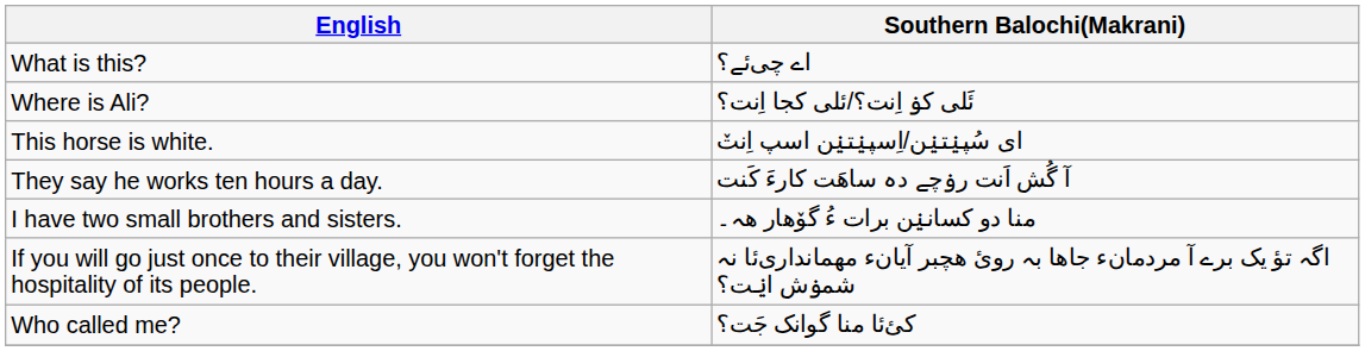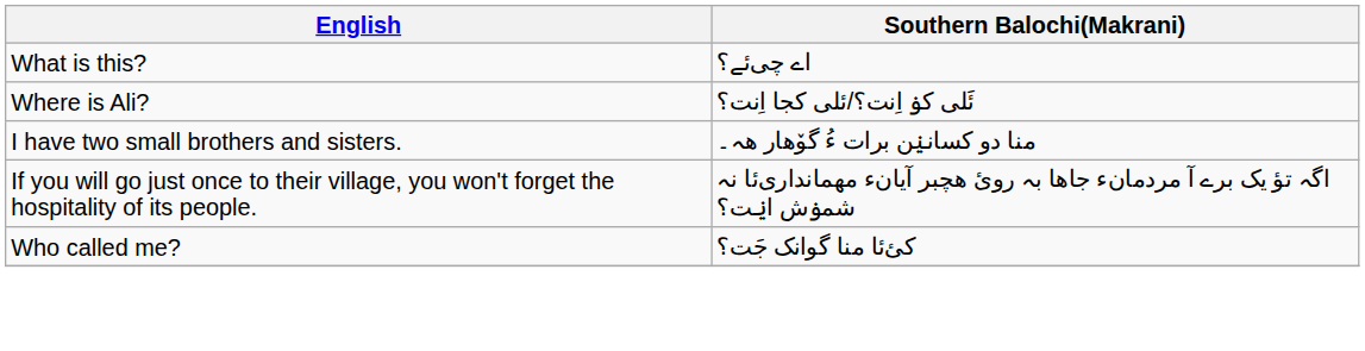 <table class="wikitable" style="font-size: 95%">
 <tr>
 <th><a href='#'>English</a></th>
 <th Balochi language>Southern Balochi(Makrani)</th>
 </tr>
 <tr>
 <td>What is this?</td>
 <td>اے چی‌ئے؟</td>
 </tr>
 <tr>
 <td>Where is Ali?</td>
 <td>ئَلی کۏ اِنت؟/ئلی کجا اِنت؟</td>
-</tr>
-<tr>
-<td>This horse is white.</td>
-<td>ای سُپݔتݔن/اِسپݔتݔن اسپ اِنتٚ</td>
-</tr>
-<tr>
-<td>They say he works ten hours a day.</td>
-<td>آ گُش اَنت رۏچے دہ ساھَت کارءَ کَنت</td>
 </tr>
 <tr>
 <td>I have two small brothers and sisters.</td>
 <td>منا دو كسانݔن برات ءُ گوٚھار ھہ۔</td>
 </tr>
 <tr>
 <td>If you will go just once to their village, you won't forget the hospitality of its people.</td>
 <td>اگہ تؤ یک برے آ مردمانء جاھا بہ روئ ھچبر آیانء مھمانداری‌ئا نہ شمۏش اݔت؟</td>
 </tr>
 <tr>
 <td>Who called me?</td>
 <td>کئ‌ئا منا گوانک جَت؟</td>
 </tr>
 <tr>
 </tr>
 </table>
